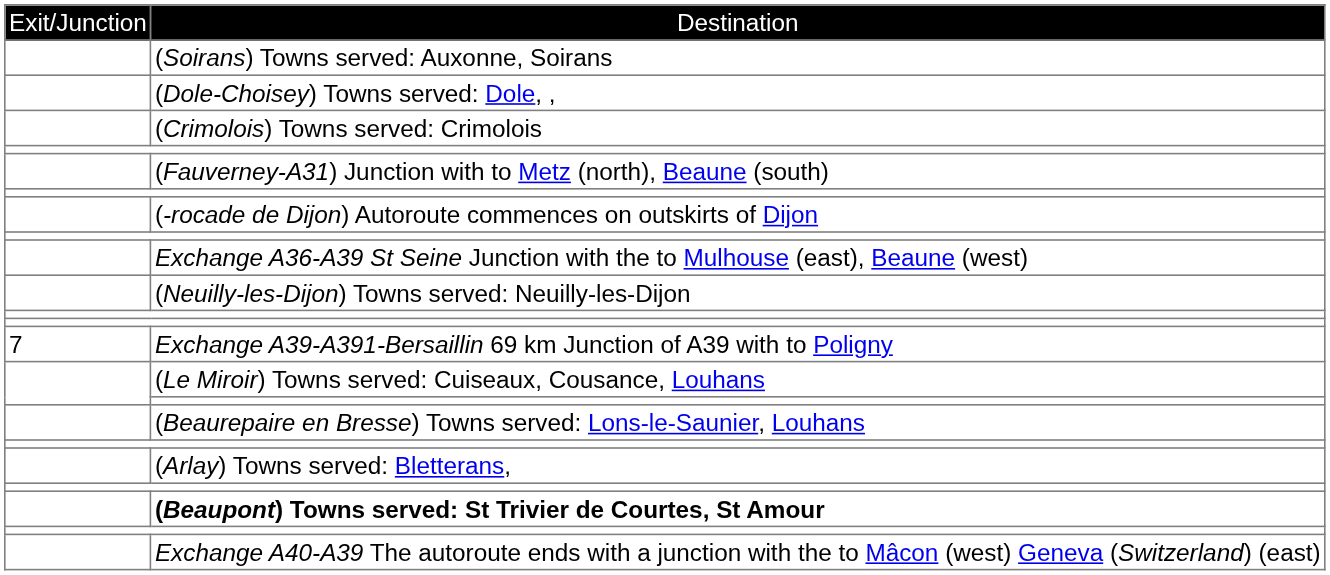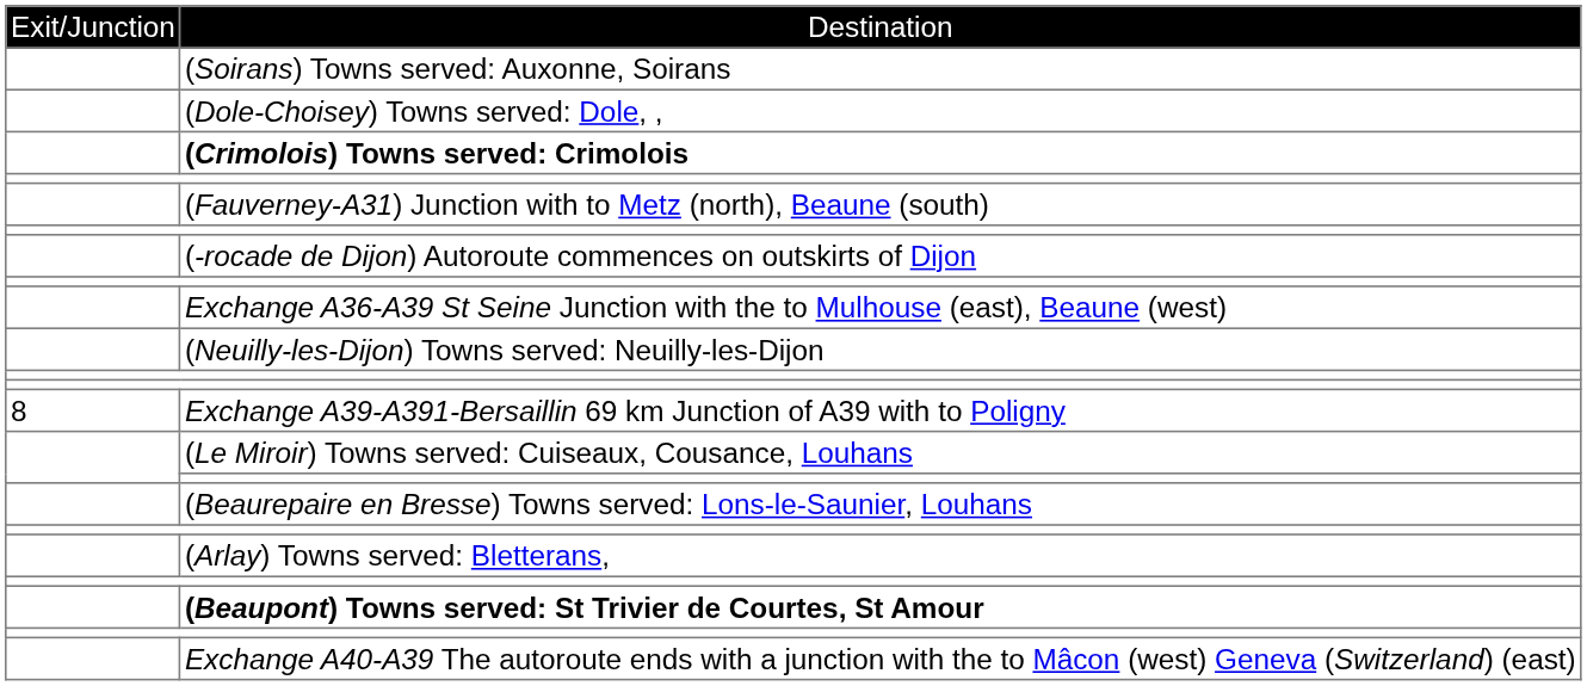 <table border=1 cellpadding=2 style="margin-left:1em; margin-bottom: 1em; color: black; border-collapse: collapse; font-size: 95%;">
 <tr align="center" bgcolor="000000" style="color: white">
 <td>Exit/Junction</td>
 <td>Destination</td>
 </tr>
 <tr>
 <td></td>
 <td>(<em>Soirans</em>) Towns served: Auxonne, Soirans</td>
 </tr>
 <tr>
 <td></td>
 <td>(<em>Dole-Choisey</em>) Towns served: <a href='#'>Dole</a>, <em></em>,  <em></em></td>
 </tr>
 <tr>
 <td></td>
-<td>(<em>Crimolois</em>) Towns served: Crimolois</td>
+<td><strong>(<em>Crimolois</em>) Towns served: Crimolois</strong></td>
 </tr>
 <tr>
 <td colspan="2"></td>
 </tr>
 <tr>
 <td></td>
 <td>(<em>Fauverney-A31</em>) Junction with <em></em> to <a href='#'>Metz</a> (north), <a href='#'>Beaune</a> (south)</td>
 </tr>
 <tr>
 <td colspan="2"></td>
 </tr>
 <tr>
 <td></td>
 <td>(<em>-rocade de Dijon</em>) Autoroute commences on outskirts of <a href='#'>Dijon</a></td>
 </tr>
 <tr>
 <td colspan="2"></td>
 </tr>
 <tr>
 <td></td>
 <td><em>Exchange A36-A39 St Seine</em> Junction with the <em></em> to <a href='#'>Mulhouse</a> (east), <a href='#'>Beaune</a> (west)</td>
 </tr>
 <tr>
 <td></td>
 <td>(<em>Neuilly-les-Dijon</em>) Towns served: Neuilly-les-Dijon</td>
 </tr>
 <tr>
 <td colspan="2"></td>
 </tr>
 <tr>
 <td colspan="2"></td>
 </tr>
 <tr>
-<td> 7</td>
+<td> 8</td>
 <td><em>Exchange A39-A391-Bersaillin</em> 69 km Junction of A39 with <em></em> to <a href='#'>Poligny</a></td>
 </tr>
 <tr>
 <td rowspan="2"></td>
 <td>(<em>Le Miroir</em>) Towns served: Cuiseaux, Cousance, <a href='#'>Louhans</a></td>
 </tr>
 <tr>
 <td></td>
 </tr>
 <tr>
 <td></td>
 <td>(<em>Beaurepaire en Bresse</em>) Towns served: <a href='#'>Lons-le-Saunier</a>, <a href='#'>Louhans</a></td>
 </tr>
 <tr>
 <td colspan="2"></td>
 </tr>
 <tr>
 <td></td>
 <td>(<em>Arlay</em>) Towns served: <a href='#'>Bletterans</a>, <em></em></td>
 </tr>
 <tr>
 <td colspan="2"></td>
 </tr>
 <tr>
 <td></td>
 <td><strong>(<em>Beaupont</em>) Towns served: St Trivier de Courtes, St Amour</strong></td>
 </tr>
 <tr>
 <td colspan="2"></td>
 </tr>
 <tr>
 <td></td>
 <td><em>Exchange A40-A39</em> The autoroute ends with a junction with the <em></em> to <a href='#'>Mâcon</a> (west) <a href='#'>Geneva</a> (<em>Switzerland</em>) (east)</td>
 </tr>
 </table>
